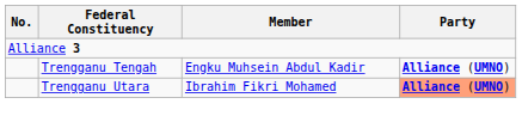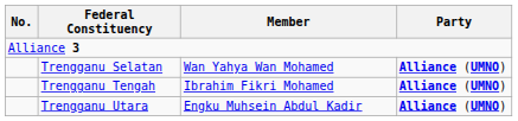 <table class="wikitable sortable">
 <tr>
 <th style="width:30px;">No.</th>
 <th style="width:150px;">Federal Constituency</th>
 <th style="width:230px;">Member</th>
 <th style="width:120px;">Party</th>
 </tr>
 <tr>
 <td colspan="4"><a href='#'>Alliance</a> <strong>3</strong></td>
 </tr>
 <tr>
 <td></td>
+<td><a href='#'>Trengganu Selatan</a></td>
+<td><a href='#'>Wan Yahya Wan Mohamed</a></td>
+<td><strong><a href='#'>Alliance</a></strong> (<strong><a href='#'>UMNO</a></strong>)</td>
+</tr>
+<tr>
+<td></td>
 <td><a href='#'>Trengganu Tengah</a></td>
-<td><a href='#'>Engku Muhsein Abdul Kadir</a></td>
+<td><a href='#'>Ibrahim Fikri Mohamed</a></td>
 <td><strong><a href='#'>Alliance</a></strong> (<strong><a href='#'>UMNO</a></strong>)</td>
 </tr>
 <tr>
 <td></td>
 <td><a href='#'>Trengganu Utara</a></td>
-<td><a href='#'>Ibrahim Fikri Mohamed</a></td>
-<td style="background: lightsalmon;"><strong><a href='#'>Alliance</a></strong> (<strong><a href='#'>UMNO</a></strong>)</td>
+<td><a href='#'>Engku Muhsein Abdul Kadir</a></td>
+<td><strong><a href='#'>Alliance</a></strong> (<strong><a href='#'>UMNO</a></strong>)</td>
 </tr>
 </table>
